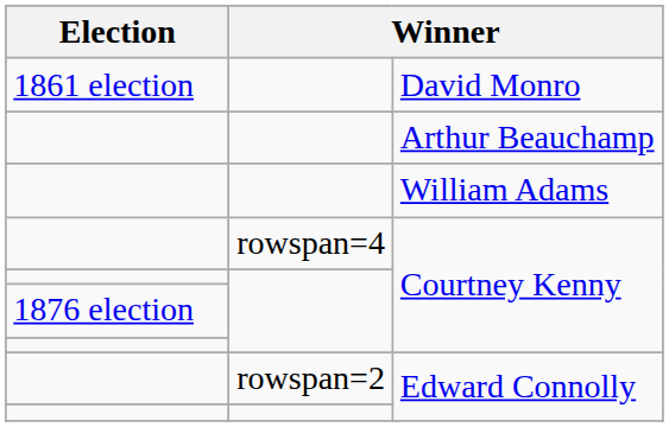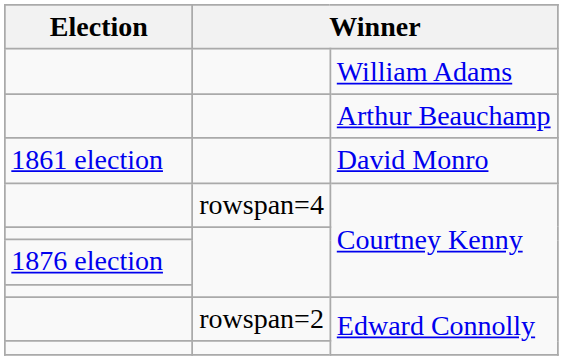 <table class=wikitable>
 <tr>
 <th width=100>Election</th>
 <th width=175 colspan=2>Winner</th>
 </tr>
 <tr>
-<td><a href='#'>1861 election</a></td>
 <td></td>
-<td rowspan=1><a href='#'>David Monro</a></td>
+<td></td>
+<td><a href='#'>William Adams</a></td>
 </tr>
 <tr>
 <td></td>
 <td></td>
 <td><a href='#'>Arthur Beauchamp</a></td>
 </tr>
 <tr>
+<td><a href='#'>1861 election</a></td>
 <td></td>
-<td></td>
-<td><a href='#'>William Adams</a></td>
+<td rowspan=1><a href='#'>David Monro</a></td>
 </tr>
 <tr>
 <td></td>
 <td>rowspan=4 </td>
 <td rowspan=4><a href='#'>Courtney Kenny</a></td>
 </tr>
 <tr>
 <td></td>
 </tr>
 <tr>
 <td><a href='#'>1876 election</a></td>
 </tr>
 <tr>
 <td></td>
 </tr>
 <tr>
 <td></td>
 <td>rowspan=2 </td>
 <td rowspan=2><a href='#'>Edward Connolly</a></td>
 </tr>
 <tr>
 <td></td>
 </tr>
 </table>
